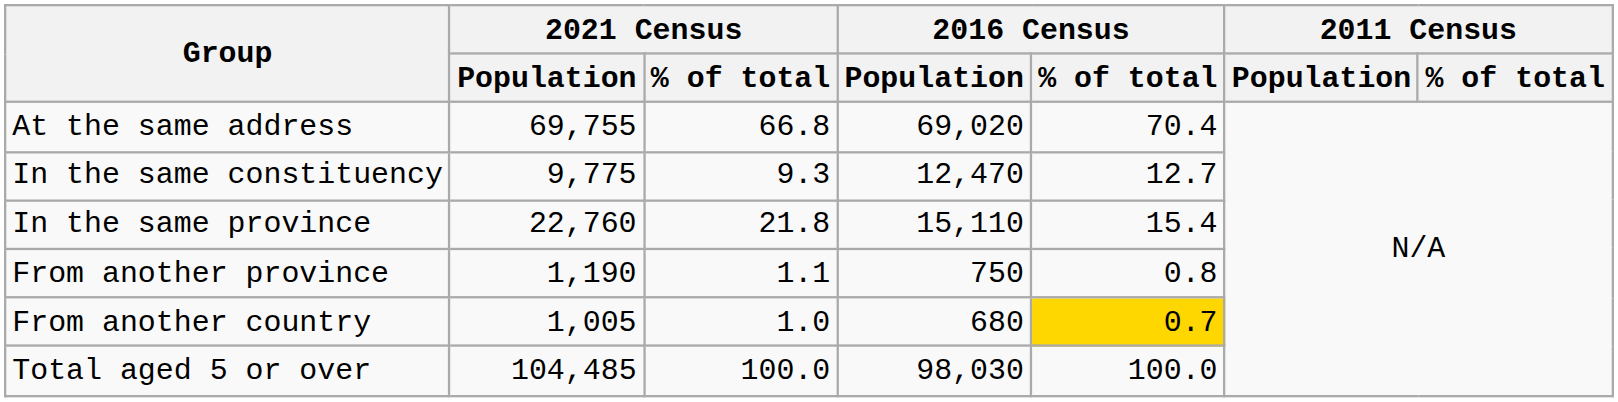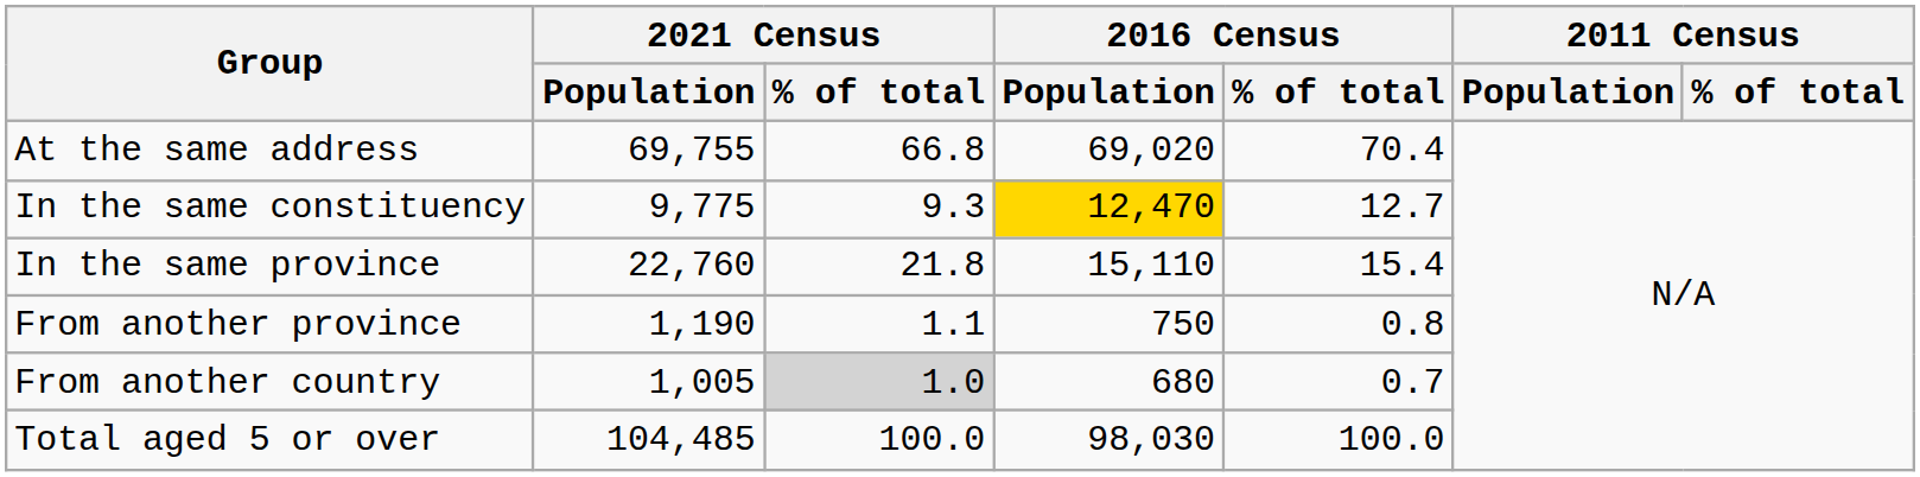 <table class="wikitable" style="text-align:right">
 <tr>
 <th rowspan = "2">Group</th>
 <th colspan = "2">2021 Census</th>
 <th colspan = "2">2016 Census</th>
 <th colspan = "2">2011 Census</th>
 </tr>
 <tr>
 <th>Population</th>
 <th>% of total</th>
 <th>Population</th>
 <th>% of total</th>
 <th>Population</th>
 <th>% of total</th>
 </tr>
 <tr>
 <td style="text-align:left;">At the same address</td>
 <td>69,755</td>
 <td>66.8</td>
 <td>69,020</td>
 <td>70.4</td>
 <td style="text-align:center" colspan = "2" rowspan = "6">N/A</td>
 </tr>
 <tr>
 <td style="text-align:left;">In the same constituency</td>
 <td>9,775</td>
 <td>9.3</td>
-<td>12,470</td>
+<td style="background: gold;">12,470</td>
 <td>12.7</td>
 </tr>
 <tr>
 <td style="text-align:left;">In the same province</td>
 <td>22,760</td>
 <td>21.8</td>
 <td>15,110</td>
 <td>15.4</td>
 </tr>
 <tr>
 <td style="text-align:left;">From another province</td>
 <td>1,190</td>
 <td>1.1</td>
 <td>750</td>
 <td>0.8</td>
 </tr>
 <tr>
 <td style="text-align:left;">From another country</td>
 <td>1,005</td>
-<td>1.0</td>
+<td style="background: lightgrey;">1.0</td>
 <td>680</td>
-<td style="background: gold;">0.7</td>
+<td>0.7</td>
 </tr>
 <tr>
 <td style="text-align:left;">Total aged 5 or over</td>
 <td>104,485</td>
 <td>100.0</td>
 <td>98,030</td>
 <td>100.0</td>
 </tr>
 </table>
